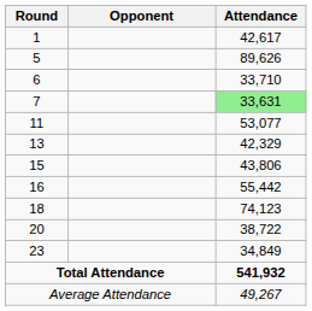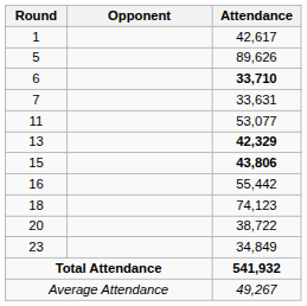 <table class="wikitable sortable" style="text-align:center; font-size:90%">
 <tr>
 <th width=60>Round</th>
 <th style="width:150px;" class="unsortable">Opponent</th>
 <th width=90>Attendance</th>
 </tr>
 <tr>
 <td>1</td>
 <td></td>
 <td>42,617</td>
 </tr>
 <tr>
 <td>5</td>
 <td></td>
 <td>89,626</td>
 </tr>
 <tr>
 <td>6</td>
 <td></td>
-<td>33,710</td>
+<td><strong>33,710</strong></td>
 </tr>
 <tr>
 <td>7</td>
 <td></td>
-<td style="background: lightgreen;">33,631</td>
+<td>33,631</td>
 </tr>
 <tr>
 <td>11</td>
 <td></td>
 <td>53,077</td>
 </tr>
 <tr>
 <td>13</td>
 <td></td>
-<td>42,329</td>
+<td><strong>42,329</strong></td>
 </tr>
 <tr>
 <td>15</td>
 <td></td>
-<td>43,806</td>
+<td><strong>43,806</strong></td>
 </tr>
 <tr>
 <td>16</td>
 <td></td>
 <td>55,442</td>
 </tr>
 <tr>
 <td>18</td>
 <td></td>
 <td>74,123</td>
 </tr>
 <tr>
 <td>20</td>
 <td></td>
 <td>38,722</td>
 </tr>
 <tr>
 <td>23</td>
 <td></td>
 <td>34,849</td>
 </tr>
 <tr class="sortbottom">
 <td colspan="2"><strong>Total Attendance</strong></td>
 <td><strong>541,932</strong></td>
 </tr>
 <tr class="sortbottom">
 <td colspan="2"><em>Average Attendance</em></td>
 <td><em>49,267</em></td>
 </tr>
 </table>
